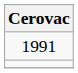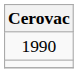 <table class="wikitable" style="margin: 0.5em auto; text-align: center;">
 <tr>
 <th colspan="1">Cerovac</th>
 </tr>
 <tr>
-<td>1991</td>
+<td>1990</td>
 </tr>
 <tr>
 <td></td>
 </tr>
 <tr>
 </tr>
 </table>
